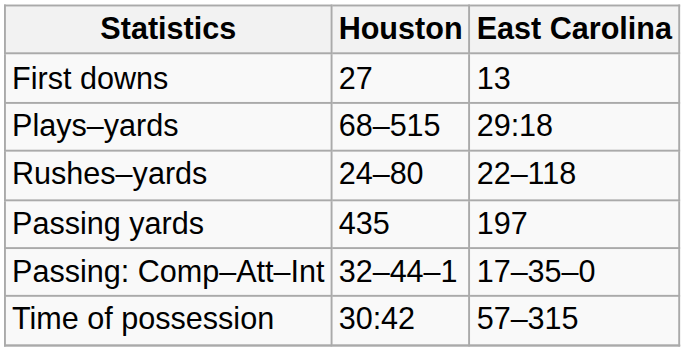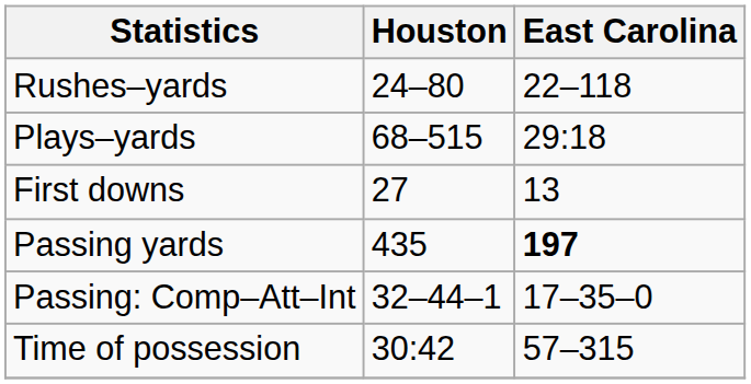 <table class="wikitable" style="float: left;">
 <tr>
 <th>Statistics</th>
 <th>Houston</th>
 <th>East Carolina</th>
 </tr>
 <tr>
-<td>First downs</td>
-<td>27</td>
-<td>13</td>
+<td>Rushes–yards</td>
+<td>24–80</td>
+<td>22–118</td>
 </tr>
 <tr>
 <td>Plays–yards</td>
 <td>68–515</td>
 <td>29:18</td>
 </tr>
 <tr>
-<td>Rushes–yards</td>
-<td>24–80</td>
-<td>22–118</td>
+<td>First downs</td>
+<td>27</td>
+<td>13</td>
 </tr>
 <tr>
 <td>Passing yards</td>
 <td>435</td>
-<td>197</td>
+<td><strong>197</strong></td>
 </tr>
 <tr>
 <td>Passing: Comp–Att–Int</td>
 <td>32–44–1</td>
 <td>17–35–0</td>
 </tr>
 <tr>
 <td>Time of possession</td>
 <td>30:42</td>
 <td>57–315</td>
 </tr>
 <tr>
 </tr>
 </table>
